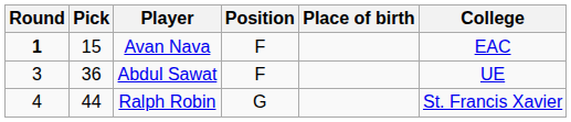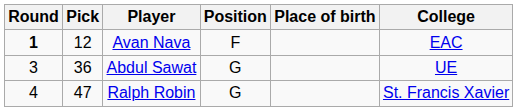 <table class="wikitable sortable sortable" style="text-align:center">
 <tr>
 <th>Round</th>
 <th>Pick</th>
 <th>Player</th>
 <th>Position</th>
 <th>Place of birth</th>
 <th>College</th>
 </tr>
 <tr>
 <td><strong>1</strong></td>
-<td>15</td>
+<td>12</td>
 <td><a href='#'>Avan Nava</a></td>
 <td>F</td>
 <td></td>
 <td><a href='#'>EAC</a></td>
 </tr>
 <tr>
 <td>3</td>
 <td>36</td>
 <td><a href='#'>Abdul Sawat</a></td>
-<td>F</td>
+<td>G</td>
 <td></td>
 <td><a href='#'>UE</a></td>
 </tr>
 <tr>
 <td>4</td>
-<td>44</td>
+<td>47</td>
 <td><a href='#'>Ralph Robin</a></td>
 <td>G</td>
 <td></td>
 <td><a href='#'>St. Francis Xavier</a></td>
 </tr>
 </table>
